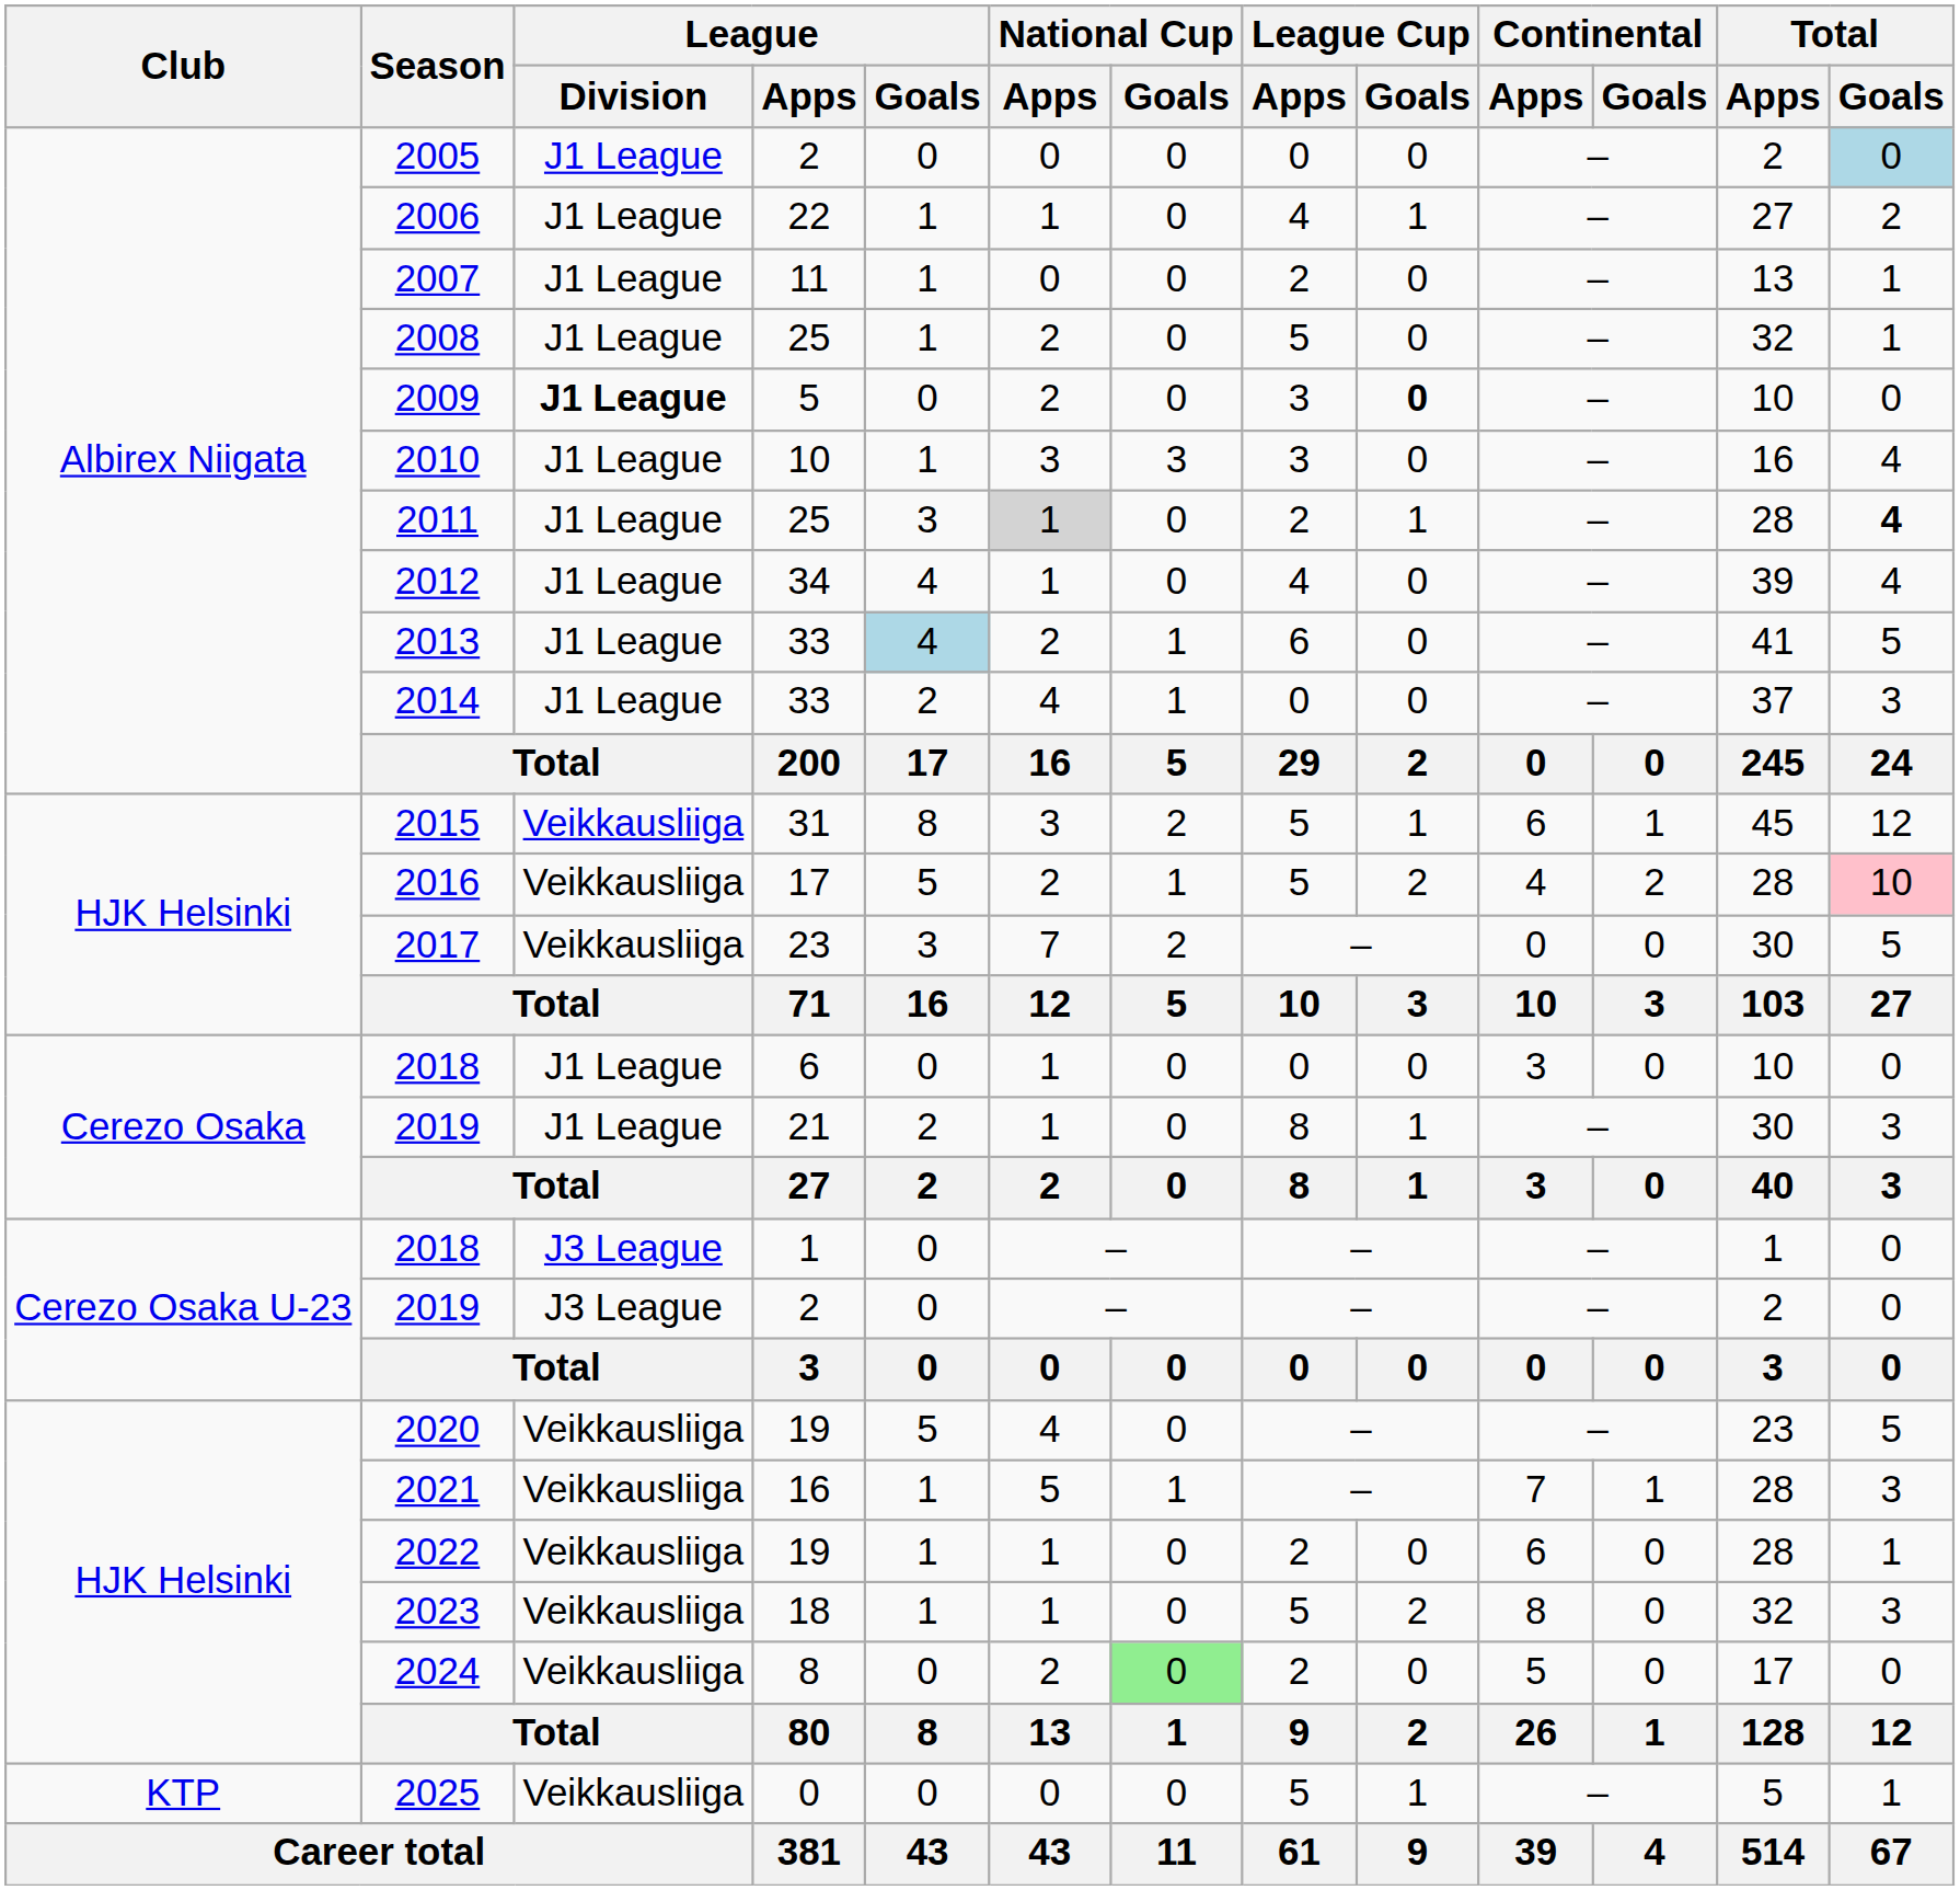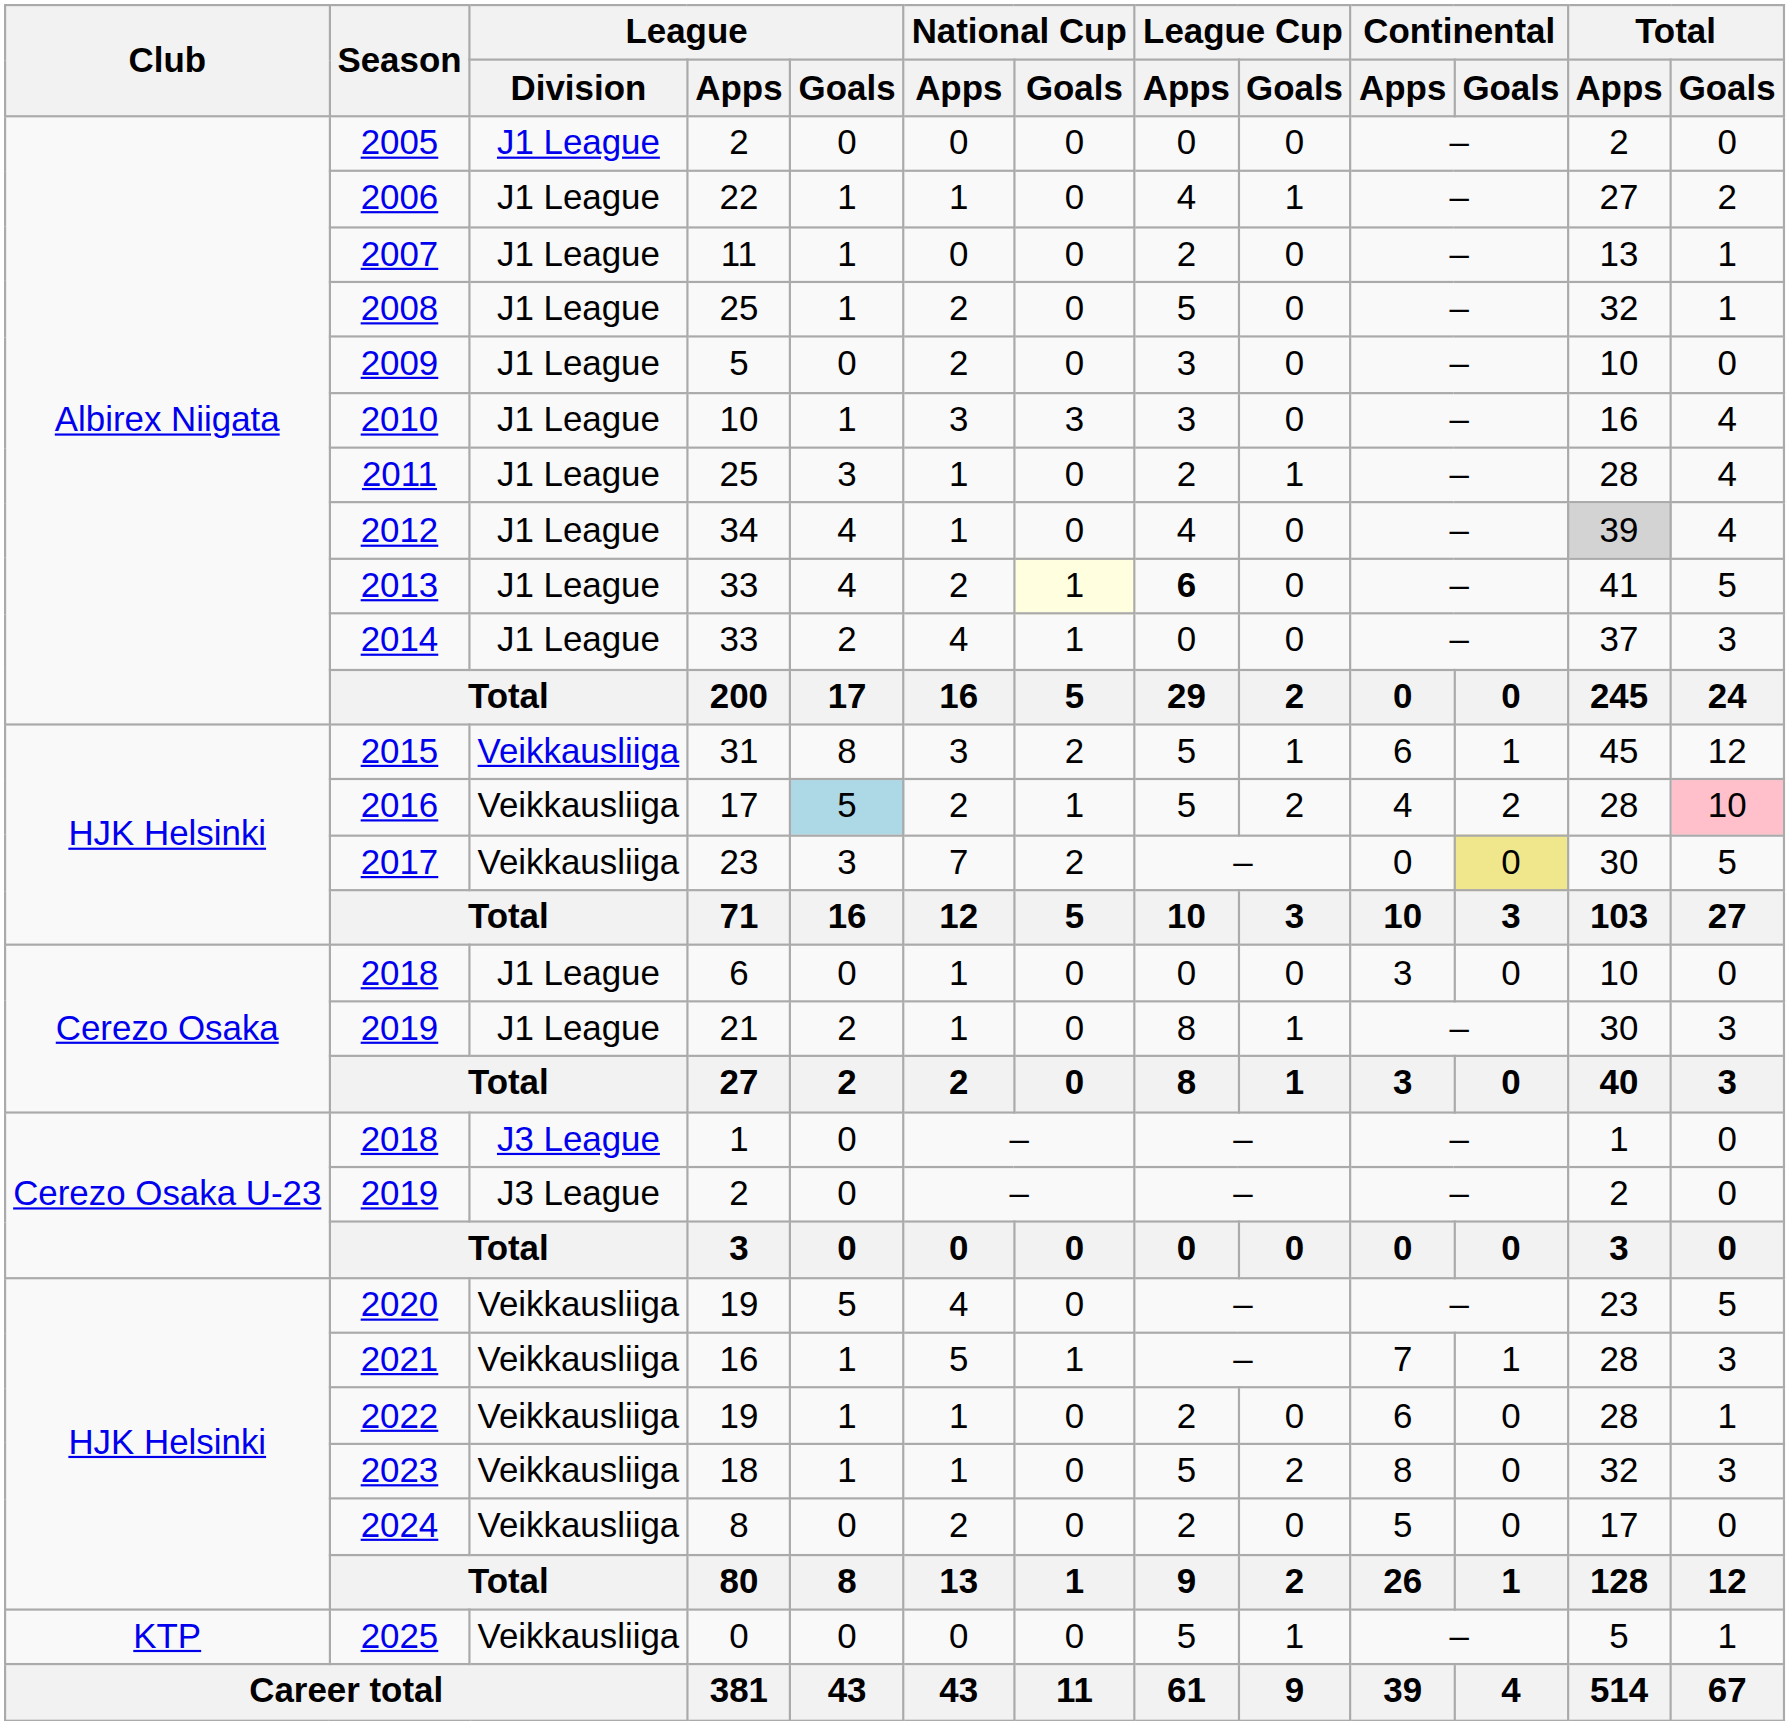 <table class="wikitable" style="text-align:center">
 <tr>
 <th rowspan="2">Club</th>
 <th rowspan="2">Season</th>
 <th colspan="3">League</th>
 <th colspan="2">National Cup</th>
 <th colspan="2">League Cup</th>
 <th colspan="2">Continental</th>
 <th colspan="2">Total</th>
 </tr>
 <tr>
 <th>Division</th>
 <th>Apps</th>
 <th>Goals</th>
 <th>Apps</th>
 <th>Goals</th>
 <th>Apps</th>
 <th>Goals</th>
 <th>Apps</th>
 <th>Goals</th>
 <th>Apps</th>
 <th>Goals</th>
 </tr>
 <tr>
 <td rowspan="11"><a href='#'>Albirex Niigata</a></td>
 <td><a href='#'>2005</a></td>
 <td><a href='#'>J1 League</a></td>
 <td>2</td>
 <td>0</td>
 <td>0</td>
 <td>0</td>
 <td>0</td>
 <td>0</td>
 <td colspan="2">–</td>
 <td>2</td>
-<td style="background: lightblue;">0</td>
+<td>0</td>
 </tr>
 <tr>
 <td><a href='#'>2006</a></td>
 <td>J1 League</td>
 <td>22</td>
 <td>1</td>
 <td>1</td>
 <td>0</td>
 <td>4</td>
 <td>1</td>
 <td colspan="2">–</td>
 <td>27</td>
 <td>2</td>
 </tr>
 <tr>
 <td><a href='#'>2007</a></td>
 <td>J1 League</td>
 <td>11</td>
 <td>1</td>
 <td>0</td>
 <td>0</td>
 <td>2</td>
 <td>0</td>
 <td colspan="2">–</td>
 <td>13</td>
 <td>1</td>
 </tr>
 <tr>
 <td><a href='#'>2008</a></td>
 <td>J1 League</td>
 <td>25</td>
 <td>1</td>
 <td>2</td>
 <td>0</td>
 <td>5</td>
 <td>0</td>
 <td colspan="2">–</td>
 <td>32</td>
 <td>1</td>
 </tr>
 <tr>
 <td><a href='#'>2009</a></td>
-<td><strong>J1 League</strong></td>
+<td>J1 League</td>
 <td>5</td>
 <td>0</td>
 <td>2</td>
 <td>0</td>
 <td>3</td>
-<td><strong>0</strong></td>
+<td>0</td>
 <td colspan="2">–</td>
 <td>10</td>
 <td>0</td>
 </tr>
 <tr>
 <td><a href='#'>2010</a></td>
 <td>J1 League</td>
 <td>10</td>
 <td>1</td>
 <td>3</td>
 <td>3</td>
 <td>3</td>
 <td>0</td>
 <td colspan="2">–</td>
 <td>16</td>
 <td>4</td>
 </tr>
 <tr>
 <td><a href='#'>2011</a></td>
 <td>J1 League</td>
 <td>25</td>
 <td>3</td>
-<td style="background: lightgrey;">1</td>
+<td>1</td>
 <td>0</td>
 <td>2</td>
 <td>1</td>
 <td colspan="2">–</td>
 <td>28</td>
-<td><strong>4</strong></td>
+<td>4</td>
 </tr>
 <tr>
 <td><a href='#'>2012</a></td>
 <td>J1 League</td>
 <td>34</td>
 <td>4</td>
 <td>1</td>
 <td>0</td>
 <td>4</td>
 <td>0</td>
 <td colspan="2">–</td>
-<td>39</td>
+<td style="background: lightgrey;">39</td>
 <td>4</td>
 </tr>
 <tr>
 <td><a href='#'>2013</a></td>
 <td>J1 League</td>
 <td>33</td>
-<td style="background: lightblue;">4</td>
+<td>4</td>
 <td>2</td>
-<td>1</td>
-<td>6</td>
+<td style="background: lightyellow;">1</td>
+<td><strong>6</strong></td>
 <td>0</td>
 <td colspan="2">–</td>
 <td>41</td>
 <td>5</td>
 </tr>
 <tr>
 <td><a href='#'>2014</a></td>
 <td>J1 League</td>
 <td>33</td>
 <td>2</td>
 <td>4</td>
 <td>1</td>
 <td>0</td>
 <td>0</td>
 <td colspan="2">–</td>
 <td>37</td>
 <td>3</td>
 </tr>
 <tr>
 <th colspan="2">Total</th>
 <th>200</th>
 <th>17</th>
 <th>16</th>
 <th>5</th>
 <th>29</th>
 <th>2</th>
 <th>0</th>
 <th>0</th>
 <th>245</th>
 <th>24</th>
 </tr>
 <tr>
 <td rowspan="4"><a href='#'>HJK Helsinki</a></td>
 <td><a href='#'>2015</a></td>
 <td><a href='#'>Veikkausliiga</a></td>
 <td>31</td>
 <td>8</td>
 <td>3</td>
 <td>2</td>
 <td>5</td>
 <td>1</td>
 <td>6</td>
 <td>1</td>
 <td>45</td>
 <td>12</td>
 </tr>
 <tr>
 <td><a href='#'>2016</a></td>
 <td>Veikkausliiga</td>
 <td>17</td>
-<td>5</td>
+<td style="background: lightblue;">5</td>
 <td>2</td>
 <td>1</td>
 <td>5</td>
 <td>2</td>
 <td>4</td>
 <td>2</td>
 <td>28</td>
 <td style="background: pink;">10</td>
 </tr>
 <tr>
 <td><a href='#'>2017</a></td>
 <td>Veikkausliiga</td>
 <td>23</td>
 <td>3</td>
 <td>7</td>
 <td>2</td>
 <td colspan="2">–</td>
 <td>0</td>
-<td>0</td>
+<td style="background: khaki;">0</td>
 <td>30</td>
 <td>5</td>
 </tr>
 <tr>
 <th colspan="2">Total</th>
 <th>71</th>
 <th>16</th>
 <th>12</th>
 <th>5</th>
 <th>10</th>
 <th>3</th>
 <th>10</th>
 <th>3</th>
 <th>103</th>
 <th>27</th>
 </tr>
 <tr>
 <td rowspan="3"><a href='#'>Cerezo Osaka</a></td>
 <td><a href='#'>2018</a></td>
 <td>J1 League</td>
 <td>6</td>
 <td>0</td>
 <td>1</td>
 <td>0</td>
 <td>0</td>
 <td>0</td>
 <td>3</td>
 <td>0</td>
 <td>10</td>
 <td>0</td>
 </tr>
 <tr>
 <td><a href='#'>2019</a></td>
 <td>J1 League</td>
 <td>21</td>
 <td>2</td>
 <td>1</td>
 <td>0</td>
 <td>8</td>
 <td>1</td>
 <td colspan="2">–</td>
 <td>30</td>
 <td>3</td>
 </tr>
 <tr>
 <th colspan="2">Total</th>
 <th>27</th>
 <th>2</th>
 <th>2</th>
 <th>0</th>
 <th>8</th>
 <th>1</th>
 <th>3</th>
 <th>0</th>
 <th>40</th>
 <th>3</th>
 </tr>
 <tr>
 <td rowspan="3"><a href='#'>Cerezo Osaka U-23</a></td>
 <td><a href='#'>2018</a></td>
 <td><a href='#'>J3 League</a></td>
 <td>1</td>
 <td>0</td>
 <td colspan="2">–</td>
 <td colspan="2">–</td>
 <td colspan="2">–</td>
 <td>1</td>
 <td>0</td>
 </tr>
 <tr>
 <td><a href='#'>2019</a></td>
 <td>J3 League</td>
 <td>2</td>
 <td>0</td>
 <td colspan="2">–</td>
 <td colspan="2">–</td>
 <td colspan="2">–</td>
 <td>2</td>
 <td>0</td>
 </tr>
 <tr>
 <th colspan="2">Total</th>
 <th>3</th>
 <th>0</th>
 <th>0</th>
 <th>0</th>
 <th>0</th>
 <th>0</th>
 <th>0</th>
 <th>0</th>
 <th>3</th>
 <th>0</th>
 </tr>
 <tr>
 <td rowspan="6"><a href='#'>HJK Helsinki</a></td>
 <td><a href='#'>2020</a></td>
 <td>Veikkausliiga</td>
 <td>19</td>
 <td>5</td>
 <td>4</td>
 <td>0</td>
 <td colspan="2">–</td>
 <td colspan="2">–</td>
 <td>23</td>
 <td>5</td>
 </tr>
 <tr>
 <td><a href='#'>2021</a></td>
 <td>Veikkausliiga</td>
 <td>16</td>
 <td>1</td>
 <td>5</td>
 <td>1</td>
 <td colspan="2">–</td>
 <td>7</td>
 <td>1</td>
 <td>28</td>
 <td>3</td>
 </tr>
 <tr>
 <td><a href='#'>2022</a></td>
 <td>Veikkausliiga</td>
 <td>19</td>
 <td>1</td>
 <td>1</td>
 <td>0</td>
 <td>2</td>
 <td>0</td>
 <td>6</td>
 <td>0</td>
 <td>28</td>
 <td>1</td>
 </tr>
 <tr>
 <td><a href='#'>2023</a></td>
 <td>Veikkausliiga</td>
 <td>18</td>
 <td>1</td>
 <td>1</td>
 <td>0</td>
 <td>5</td>
 <td>2</td>
 <td>8</td>
 <td>0</td>
 <td>32</td>
 <td>3</td>
 </tr>
 <tr>
 <td><a href='#'>2024</a></td>
 <td>Veikkausliiga</td>
 <td>8</td>
 <td>0</td>
 <td>2</td>
-<td style="background: lightgreen;">0</td>
+<td>0</td>
 <td>2</td>
 <td>0</td>
 <td>5</td>
 <td>0</td>
 <td>17</td>
 <td>0</td>
 </tr>
 <tr>
 <th colspan="2">Total</th>
 <th>80</th>
 <th>8</th>
 <th>13</th>
 <th>1</th>
 <th>9</th>
 <th>2</th>
 <th>26</th>
 <th>1</th>
 <th>128</th>
 <th>12</th>
 </tr>
 <tr>
 <td><a href='#'>KTP</a></td>
 <td><a href='#'>2025</a></td>
 <td>Veikkausliiga</td>
 <td>0</td>
 <td>0</td>
 <td>0</td>
 <td>0</td>
 <td>5</td>
 <td>1</td>
 <td colspan=2>–</td>
 <td>5</td>
 <td>1</td>
 </tr>
 <tr>
 <th colspan="3">Career total</th>
 <th>381</th>
 <th>43</th>
 <th>43</th>
 <th>11</th>
 <th>61</th>
 <th>9</th>
 <th>39</th>
 <th>4</th>
 <th>514</th>
 <th>67</th>
 </tr>
 </table>
